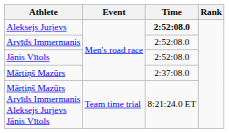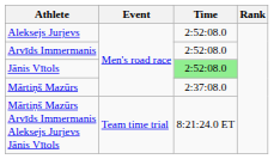 <table class=wikitable style="font-size:90%">
 <tr>
 <th>Athlete</th>
 <th>Event</th>
 <th>Time</th>
 <th>Rank</th>
 </tr>
 <tr align=center>
 <td align=left rowspan=1><a href='#'>Aleksejs Jurjevs</a></td>
 <td align=left rowspan=4><a href='#'>Men's road race</a></td>
-<td align=center><strong>2:52:08.0</strong></td>
+<td align=center>2:52:08.0</td>
 <td rowspan="5" align=center></td>
 </tr>
 <tr align=center>
 <td align=left rowspan=1><a href='#'>Arvīds Immermanis</a></td>
 <td align=center>2:52:08.0</td>
 </tr>
 <tr align=center>
 <td align=left rowspan=1><a href='#'>Jānis Vītols</a></td>
-<td align=center>2:52:08.0</td>
+<td align=center style="background: lightgreen;">2:52:08.0</td>
 </tr>
 <tr align=center>
 <td align=left rowspan=1><a href='#'>Mārtiņš Mazūrs</a></td>
 <td align=center>2:37:08.0</td>
 </tr>
 <tr align=center>
 <td align=left><a href='#'>Mārtiņš Mazūrs</a><br><a href='#'>Arvīds Immermanis</a><br><a href='#'>Aleksejs Jurjevs</a><br><a href='#'>Jānis Vītols</a></td>
 <td align=left><a href='#'>Team time trial</a></td>
 <td align=center>8:21:24.0 ET</td>
 </tr>
 </table>
